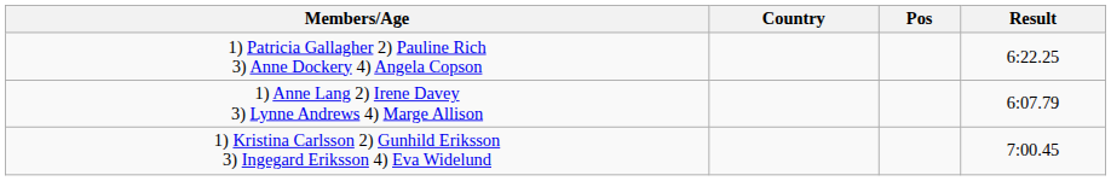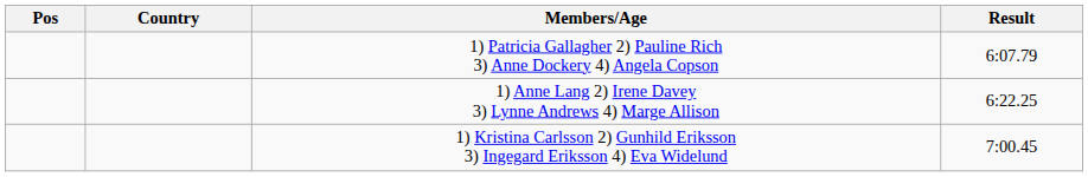 <table class="wikitable"  style="text-align:center; width:80%;">
 <tr>
+<th>Pos</th>
+<th>Country</th>
 <th>Members/Age</th>
-<th>Country</th>
-<th>Pos</th>
 <th>Result</th>
 </tr>
 <tr>
+<td align=center></td>
+<td align=left></td>
 <td>1) <a href='#'>Patricia Gallagher</a> 2) <a href='#'>Pauline Rich</a><br>3) <a href='#'>Anne Dockery</a> 4) <a href='#'>Angela Copson</a></td>
+<td>6:07.79</td>
+</tr>
+<tr>
+<td align=center></td>
 <td align=left></td>
-<td align=center></td>
+<td>1) <a href='#'>Anne Lang</a> 2) <a href='#'>Irene Davey</a><br>3) <a href='#'>Lynne Andrews</a> 4) <a href='#'>Marge Allison</a></td>
 <td>6:22.25</td>
 </tr>
 <tr>
-<td>1) <a href='#'>Anne Lang</a> 2) <a href='#'>Irene Davey</a><br>3) <a href='#'>Lynne Andrews</a> 4) <a href='#'>Marge Allison</a></td>
+<td align=center></td>
 <td align=left></td>
-<td align=center></td>
-<td>6:07.79</td>
-</tr>
-<tr>
 <td>1) <a href='#'>Kristina Carlsson</a> 2) <a href='#'>Gunhild Eriksson</a><br>3) <a href='#'>Ingegard Eriksson</a> 4) <a href='#'>Eva Widelund</a></td>
-<td align=left></td>
-<td align=center></td>
 <td>7:00.45</td>
 </tr>
 </table>
